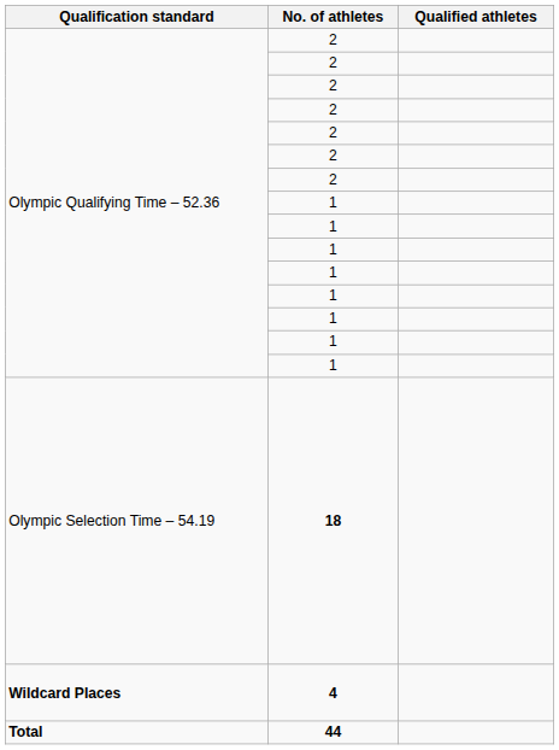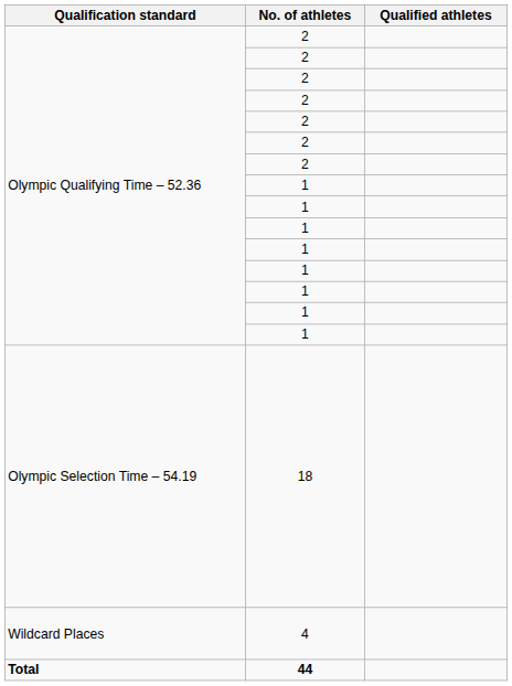 <table class=wikitable style="text-align:left" width=600>
 <tr>
 <th>Qualification standard</th>
 <th>No. of athletes</th>
 <th>Qualified athletes</th>
 </tr>
 <tr>
 <td rowspan="15">Olympic Qualifying Time – 52.36</td>
 <td align=center>2</td>
 <td><br></td>
 </tr>
 <tr>
 <td align=center>2</td>
 <td><br></td>
 </tr>
 <tr>
 <td align=center>2</td>
 <td><br></td>
 </tr>
 <tr>
 <td align=center>2</td>
 <td><br></td>
 </tr>
 <tr>
 <td align=center>2</td>
 <td><br></td>
 </tr>
 <tr>
 <td align=center>2</td>
 <td><br></td>
 </tr>
 <tr>
 <td align=center>2</td>
 <td><br></td>
 </tr>
 <tr>
 <td align=center>1</td>
 <td></td>
 </tr>
 <tr>
 <td align=center>1</td>
 <td><br><s></s></td>
 </tr>
 <tr>
 <td align=center>1</td>
 <td></td>
 </tr>
 <tr>
 <td align=center>1</td>
 <td></td>
 </tr>
 <tr>
 <td align=center>1</td>
 <td></td>
 </tr>
 <tr>
 <td align=center>1</td>
 <td></td>
 </tr>
 <tr>
 <td align=center>1</td>
 <td></td>
 </tr>
 <tr>
 <td align=center>1</td>
 <td></td>
 </tr>
 <tr>
 <td rowspan="1">Olympic Selection Time – 54.19</td>
-<td align=center><strong>18</strong></td>
+<td align=center>18</td>
 <td> <br>  <br>  <br> <br> <br> <br> <br><br> <br> <br> <br> <br><br><br><br><br><br></td>
 </tr>
 <tr>
-<td rowspan="1"><strong>Wildcard Places</strong></td>
-<td align=center><strong>4</strong></td>
+<td rowspan="1">Wildcard Places</td>
+<td align=center>4</td>
 <td><br><br><br></td>
 </tr>
 <tr>
 <td><strong>Total</strong></td>
 <td align=center><strong>44</strong></td>
 <td></td>
 </tr>
 </table>
